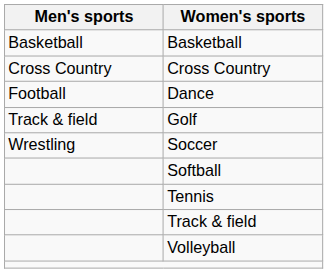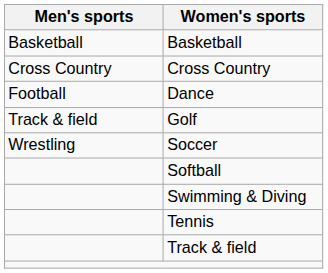 <table class="wikitable"; style= "text-align: ">
 <tr>
 <th width=150px>Men's sports</th>
 <th width=150px>Women's sports</th>
 </tr>
 <tr>
 <td>Basketball</td>
 <td>Basketball</td>
 </tr>
 <tr>
 <td>Cross Country</td>
 <td>Cross Country</td>
 </tr>
 <tr>
 <td>Football</td>
 <td>Dance</td>
 </tr>
 <tr>
 <td>Track & field</td>
 <td>Golf</td>
 </tr>
 <tr>
 <td>Wrestling</td>
 <td>Soccer</td>
 </tr>
 <tr>
 <td></td>
 <td>Softball</td>
 </tr>
 <tr>
 <td></td>
+<td>Swimming & Diving</td>
+</tr>
+<tr>
+<td></td>
 <td>Tennis</td>
 </tr>
 <tr>
 <td></td>
 <td>Track & field</td>
 </tr>
 <tr>
-<td></td>
-<td>Volleyball</td>
-</tr>
-<tr>
 <td colspan="2"></td>
 </tr>
 </table>
